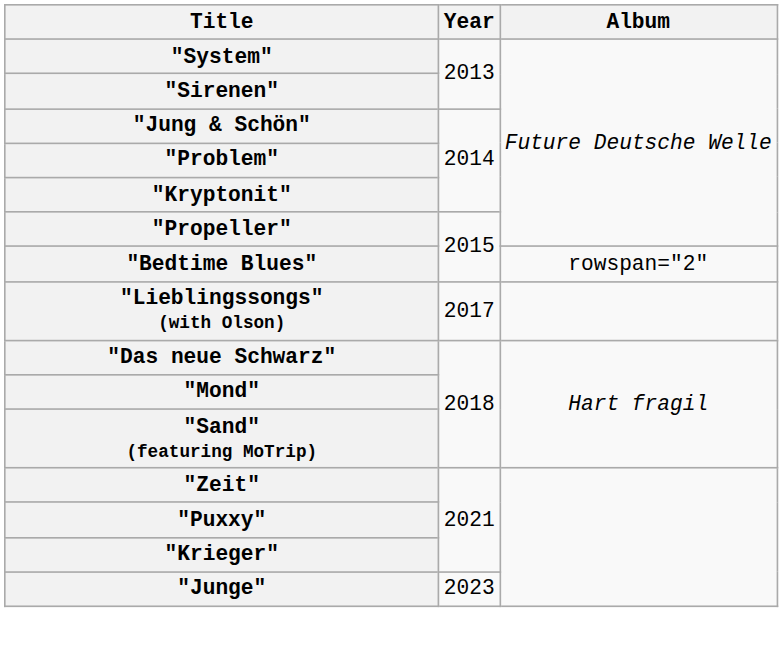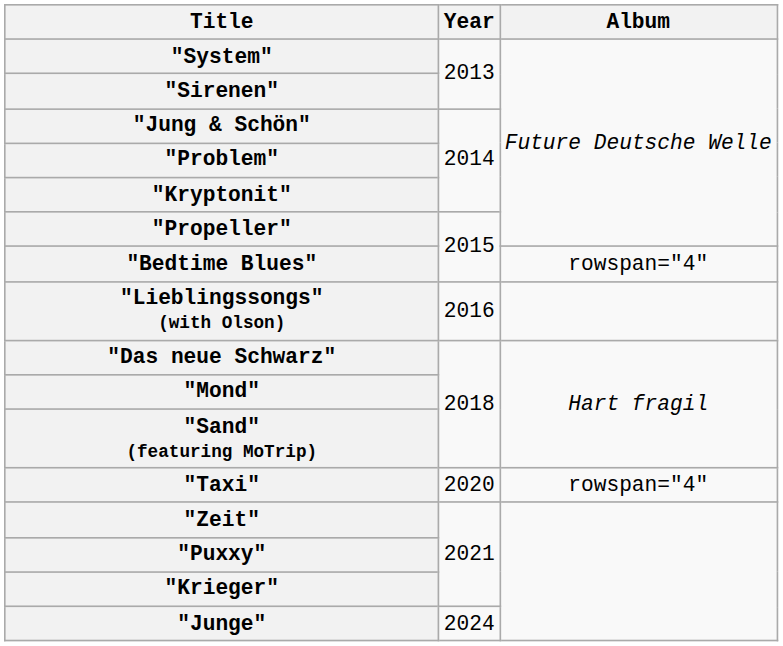 <table class="wikitable plainrowheaders" style="text-align:center;">
 <tr>
 <th scope="col" rowspan="1" style="width:20em;">Title</th>
 <th scope="col" rowspan="1">Year</th>
 <th scope="col" rowspan="1">Album</th>
 </tr>
 <tr>
 <th scope="row">"System"</th>
 <td rowspan="2">2013</td>
 <td rowspan="6"><em>Future Deutsche Welle</em></td>
 </tr>
 <tr>
 <th scope="row">"Sirenen"</th>
 </tr>
 <tr>
 <th scope="row">"Jung & Schön"</th>
 <td rowspan="3">2014</td>
 </tr>
 <tr>
 <th scope="row">"Problem"</th>
 </tr>
 <tr>
 <th scope="row">"Kryptonit"</th>
 </tr>
 <tr>
 <th scope="row">"Propeller"</th>
 <td rowspan="2">2015</td>
 </tr>
 <tr>
 <th scope="row">"Bedtime Blues"</th>
-<td>rowspan="2" </td>
+<td>rowspan="4" </td>
 </tr>
 <tr>
 <th scope="row">"Lieblingssongs"<br><small>(with Olson)</small></th>
-<td>2017</td>
+<td>2016</td>
 </tr>
 <tr>
 <th scope="row">"Das neue Schwarz"</th>
 <td rowspan="3">2018</td>
 <td rowspan="3"><em>Hart fragil</em></td>
 </tr>
 <tr>
 <th scope="row">"Mond"</th>
 </tr>
 <tr>
 <th scope="row">"Sand"<br><small>(featuring MoTrip)</small></th>
 </tr>
 <tr>
+<th scope="row">"Taxi"</th>
+<td>2020</td>
+<td>rowspan="4" </td>
+</tr>
+<tr>
 <th scope="row">"Zeit"</th>
 <td rowspan="3">2021</td>
 </tr>
 <tr>
 <th scope="row">"Puxxy"</th>
 </tr>
 <tr>
 <th scope="row">"Krieger"</th>
 </tr>
 <tr>
 <th scope="row">"Junge"</th>
-<td rowspan="1">2023</td>
+<td rowspan="1">2024</td>
 </tr>
 </table>
